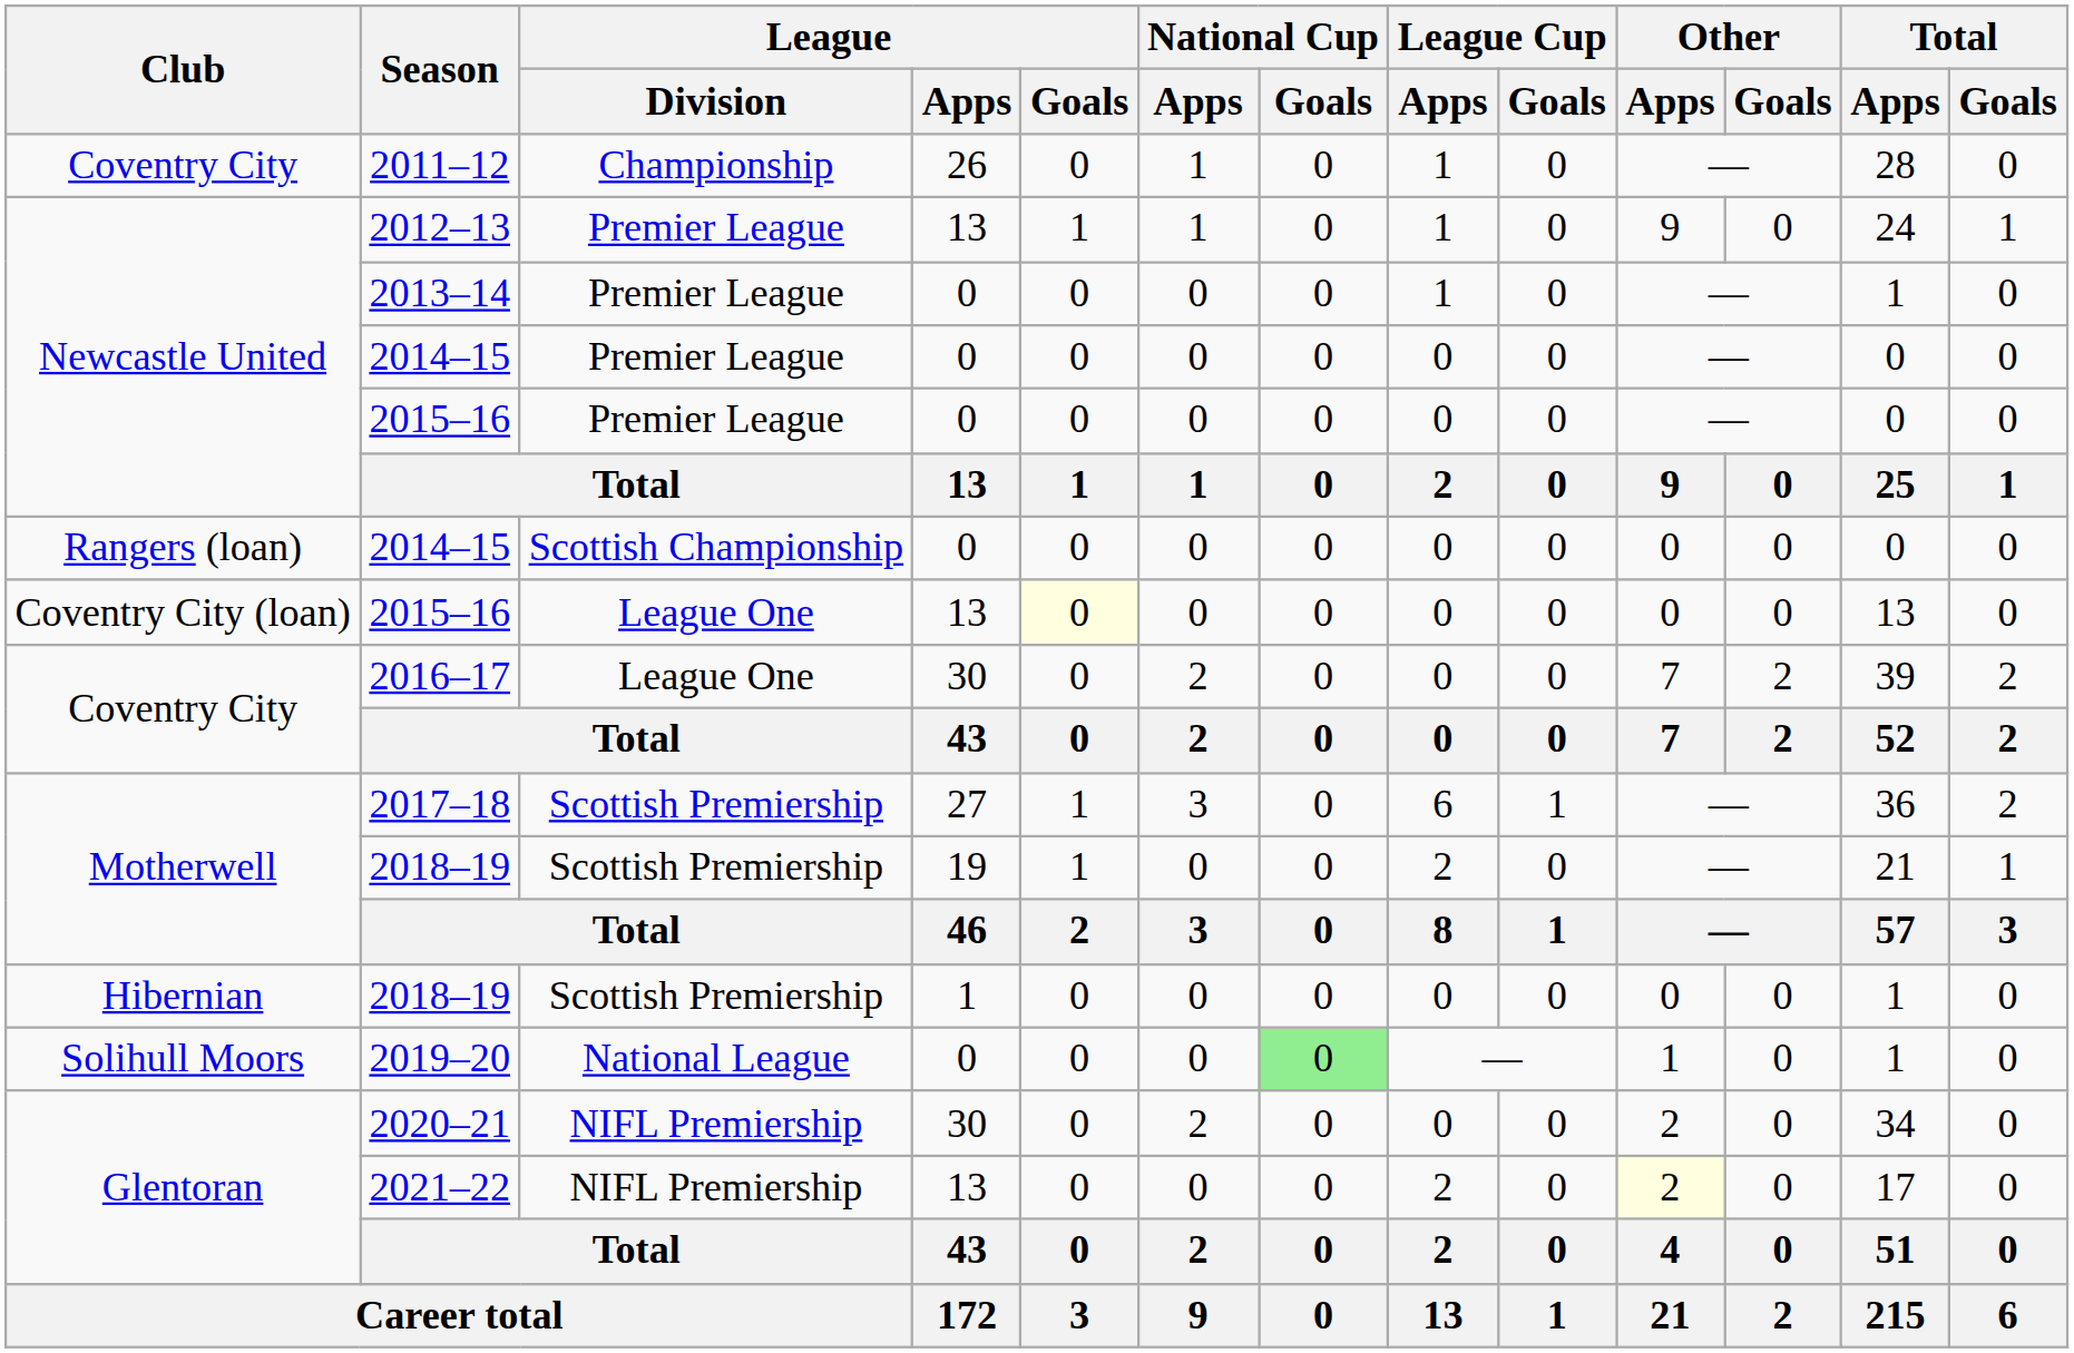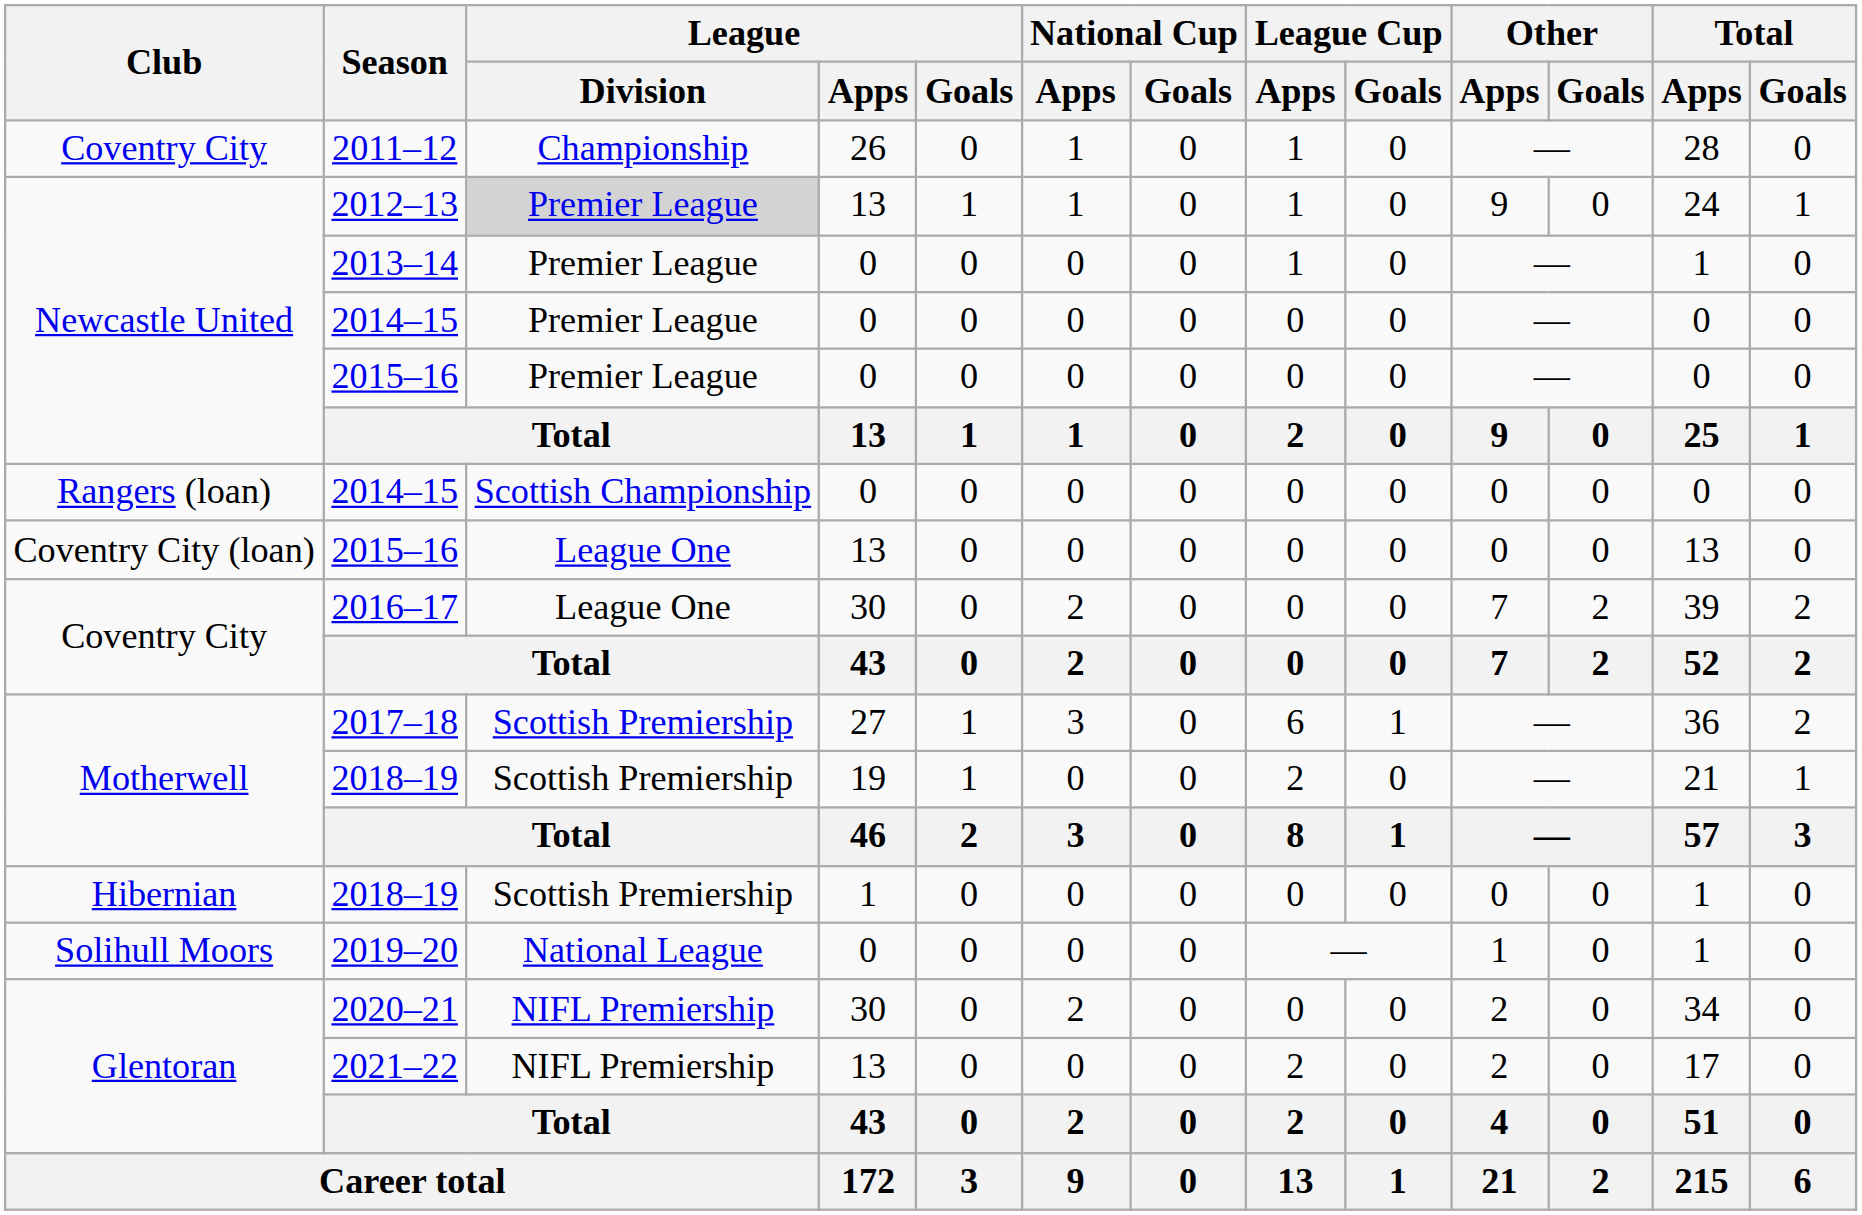 <table class="wikitable" style="text-align: center">
 <tr>
 <th rowspan="2">Club</th>
 <th rowspan="2">Season</th>
 <th colspan="3">League</th>
 <th colspan="2">National Cup</th>
 <th colspan="2">League Cup</th>
 <th colspan="2">Other</th>
 <th colspan="2">Total</th>
 </tr>
 <tr>
 <th scope="col">Division</th>
 <th scope="col">Apps</th>
 <th scope="col">Goals</th>
 <th scope="col">Apps</th>
 <th scope="col">Goals</th>
 <th scope="col">Apps</th>
 <th scope="col">Goals</th>
 <th scope="col">Apps</th>
 <th scope="col">Goals</th>
 <th scope="col">Apps</th>
 <th scope="col">Goals</th>
 </tr>
 <tr>
 <td><a href='#'>Coventry City</a></td>
 <td><a href='#'>2011–12</a></td>
 <td><a href='#'>Championship</a></td>
 <td>26</td>
 <td>0</td>
 <td>1</td>
 <td>0</td>
 <td>1</td>
 <td>0</td>
 <td colspan=2>—</td>
 <td>28</td>
 <td>0</td>
 </tr>
 <tr>
 <td rowspan="5"><a href='#'>Newcastle United</a></td>
 <td><a href='#'>2012–13</a></td>
-<td><a href='#'>Premier League</a></td>
+<td style="background: lightgrey;"><a href='#'>Premier League</a></td>
 <td>13</td>
 <td>1</td>
 <td>1</td>
 <td>0</td>
 <td>1</td>
 <td>0</td>
 <td>9</td>
 <td>0</td>
 <td>24</td>
 <td>1</td>
 </tr>
 <tr>
 <td><a href='#'>2013–14</a></td>
 <td>Premier League</td>
 <td>0</td>
 <td>0</td>
 <td>0</td>
 <td>0</td>
 <td>1</td>
 <td>0</td>
 <td colspan=2>—</td>
 <td>1</td>
 <td>0</td>
 </tr>
 <tr>
 <td><a href='#'>2014–15</a></td>
 <td>Premier League</td>
 <td>0</td>
 <td>0</td>
 <td>0</td>
 <td>0</td>
 <td>0</td>
 <td>0</td>
 <td colspan=2>—</td>
 <td>0</td>
 <td>0</td>
 </tr>
 <tr>
 <td><a href='#'>2015–16</a></td>
 <td>Premier League</td>
 <td>0</td>
 <td>0</td>
 <td>0</td>
 <td>0</td>
 <td>0</td>
 <td>0</td>
 <td colspan=2>—</td>
 <td>0</td>
 <td>0</td>
 </tr>
 <tr>
 <th colspan="2">Total</th>
 <th>13</th>
 <th>1</th>
 <th>1</th>
 <th>0</th>
 <th>2</th>
 <th>0</th>
 <th>9</th>
 <th>0</th>
 <th>25</th>
 <th>1</th>
 </tr>
 <tr>
 <td><a href='#'>Rangers</a> (loan)</td>
 <td><a href='#'>2014–15</a></td>
 <td><a href='#'>Scottish Championship</a></td>
 <td>0</td>
 <td>0</td>
 <td>0</td>
 <td>0</td>
 <td>0</td>
 <td>0</td>
 <td>0</td>
 <td>0</td>
 <td>0</td>
 <td>0</td>
 </tr>
 <tr>
 <td>Coventry City (loan)</td>
 <td><a href='#'>2015–16</a></td>
 <td><a href='#'>League One</a></td>
 <td>13</td>
-<td style="background: lightyellow;">0</td>
+<td>0</td>
 <td>0</td>
 <td>0</td>
 <td>0</td>
 <td>0</td>
 <td>0</td>
 <td>0</td>
 <td>13</td>
 <td>0</td>
 </tr>
 <tr>
 <td rowspan="2">Coventry City</td>
 <td><a href='#'>2016–17</a></td>
 <td>League One</td>
 <td>30</td>
 <td>0</td>
 <td>2</td>
 <td>0</td>
 <td>0</td>
 <td>0</td>
 <td>7</td>
 <td>2</td>
 <td>39</td>
 <td>2</td>
 </tr>
 <tr>
 <th colspan="2">Total</th>
 <th>43</th>
 <th>0</th>
 <th>2</th>
 <th>0</th>
 <th>0</th>
 <th>0</th>
 <th>7</th>
 <th>2</th>
 <th>52</th>
 <th>2</th>
 </tr>
 <tr>
 <td rowspan=3><a href='#'>Motherwell</a></td>
 <td><a href='#'>2017–18</a></td>
 <td><a href='#'>Scottish Premiership</a></td>
 <td>27</td>
 <td>1</td>
 <td>3</td>
 <td>0</td>
 <td>6</td>
 <td>1</td>
 <td colspan=2>—</td>
 <td>36</td>
 <td>2</td>
 </tr>
 <tr>
 <td><a href='#'>2018–19</a></td>
 <td>Scottish Premiership</td>
 <td>19</td>
 <td>1</td>
 <td>0</td>
 <td>0</td>
 <td>2</td>
 <td>0</td>
 <td colspan=2>—</td>
 <td>21</td>
 <td>1</td>
 </tr>
 <tr>
 <th colspan=2>Total</th>
 <th>46</th>
 <th>2</th>
 <th>3</th>
 <th>0</th>
 <th>8</th>
 <th>1</th>
 <th colspan=2>—</th>
 <th>57</th>
 <th>3</th>
 </tr>
 <tr>
 <td><a href='#'>Hibernian</a></td>
 <td><a href='#'>2018–19</a></td>
 <td>Scottish Premiership</td>
 <td>1</td>
 <td>0</td>
 <td>0</td>
 <td>0</td>
 <td>0</td>
 <td>0</td>
 <td>0</td>
 <td>0</td>
 <td>1</td>
 <td>0</td>
 </tr>
 <tr>
 <td><a href='#'>Solihull Moors</a></td>
 <td><a href='#'>2019–20</a></td>
 <td><a href='#'>National League</a></td>
 <td>0</td>
 <td>0</td>
 <td>0</td>
-<td style="background: lightgreen;">0</td>
+<td>0</td>
 <td colspan=2>—</td>
 <td>1</td>
 <td>0</td>
 <td>1</td>
 <td>0</td>
 </tr>
 <tr>
 <td rowspan="3"><a href='#'>Glentoran</a></td>
 <td><a href='#'>2020–21</a></td>
 <td><a href='#'>NIFL Premiership</a></td>
 <td>30</td>
 <td>0</td>
 <td>2</td>
 <td>0</td>
 <td>0</td>
 <td>0</td>
 <td>2</td>
 <td>0</td>
 <td>34</td>
 <td>0</td>
 </tr>
 <tr>
 <td><a href='#'>2021–22</a></td>
 <td>NIFL Premiership</td>
 <td>13</td>
 <td>0</td>
 <td>0</td>
 <td>0</td>
 <td>2</td>
 <td>0</td>
-<td style="background: lightyellow;">2</td>
+<td>2</td>
 <td>0</td>
 <td>17</td>
 <td>0</td>
 </tr>
 <tr>
 <th colspan="2">Total</th>
 <th>43</th>
 <th>0</th>
 <th>2</th>
 <th>0</th>
 <th>2</th>
 <th>0</th>
 <th>4</th>
 <th>0</th>
 <th>51</th>
 <th>0</th>
 </tr>
 <tr>
 <th colspan="3">Career total</th>
 <th>172</th>
 <th>3</th>
 <th>9</th>
 <th>0</th>
 <th>13</th>
 <th>1</th>
 <th>21</th>
 <th>2</th>
 <th>215</th>
 <th>6</th>
 </tr>
 </table>
